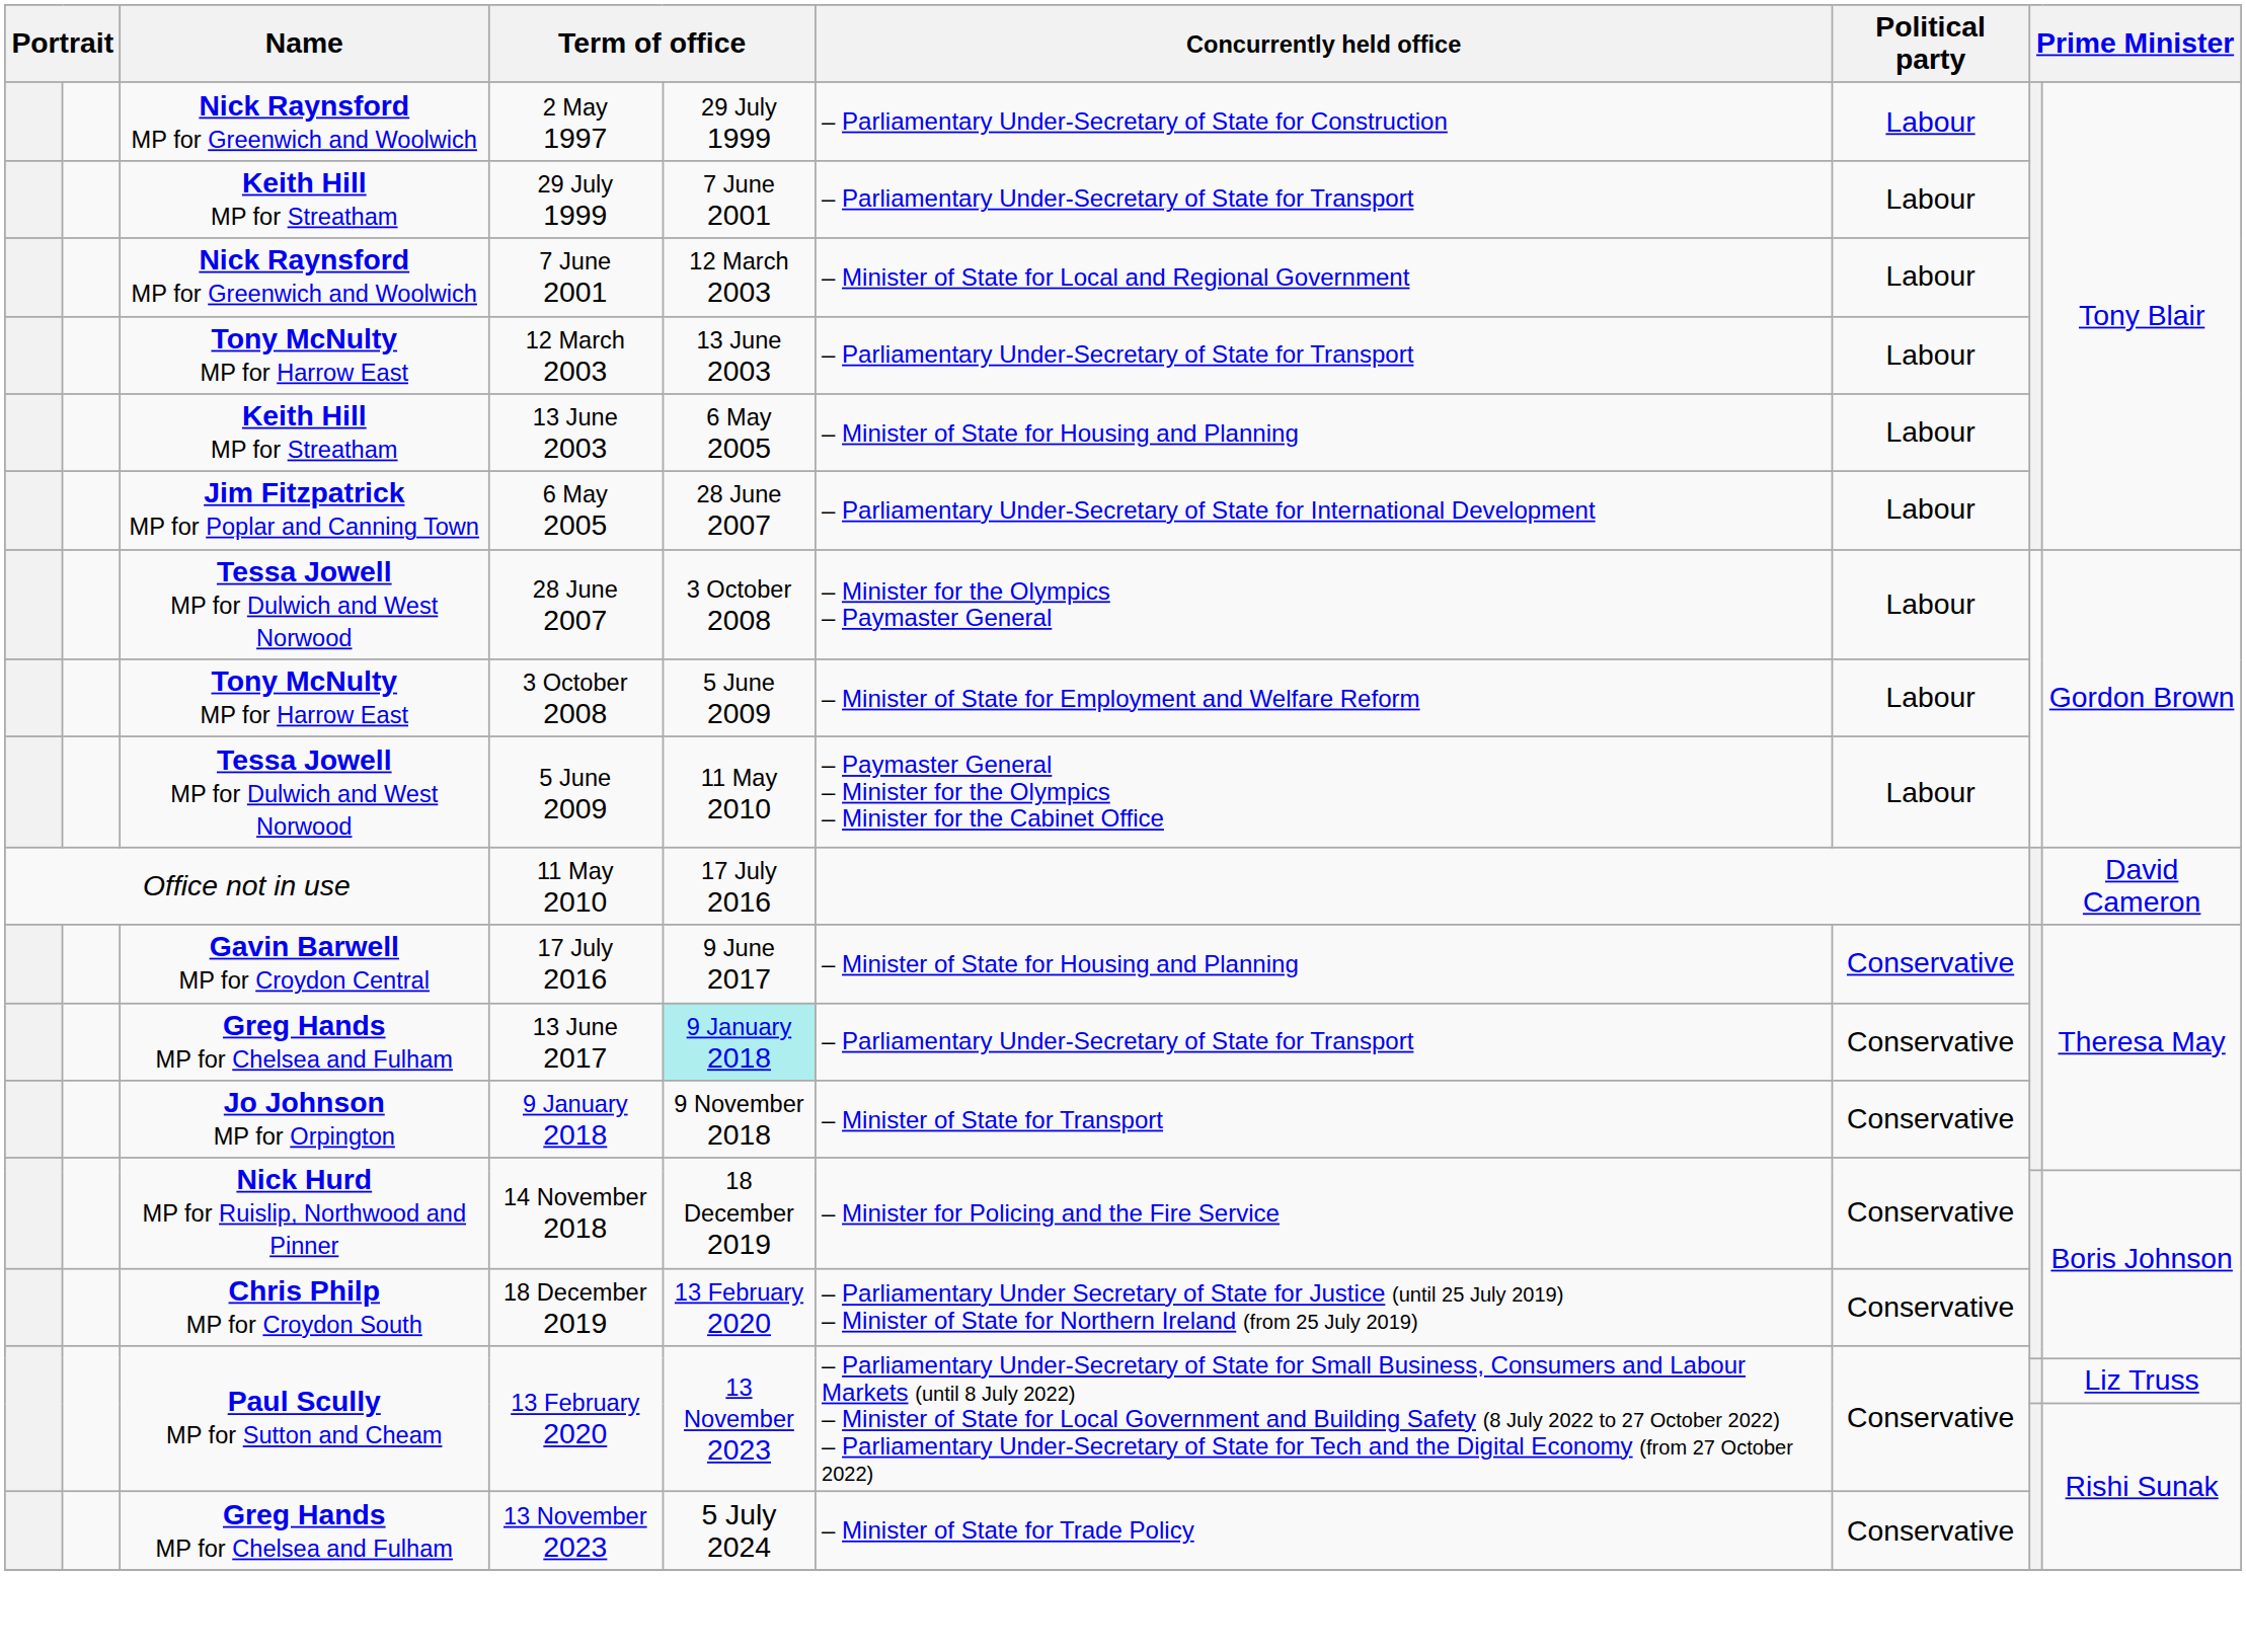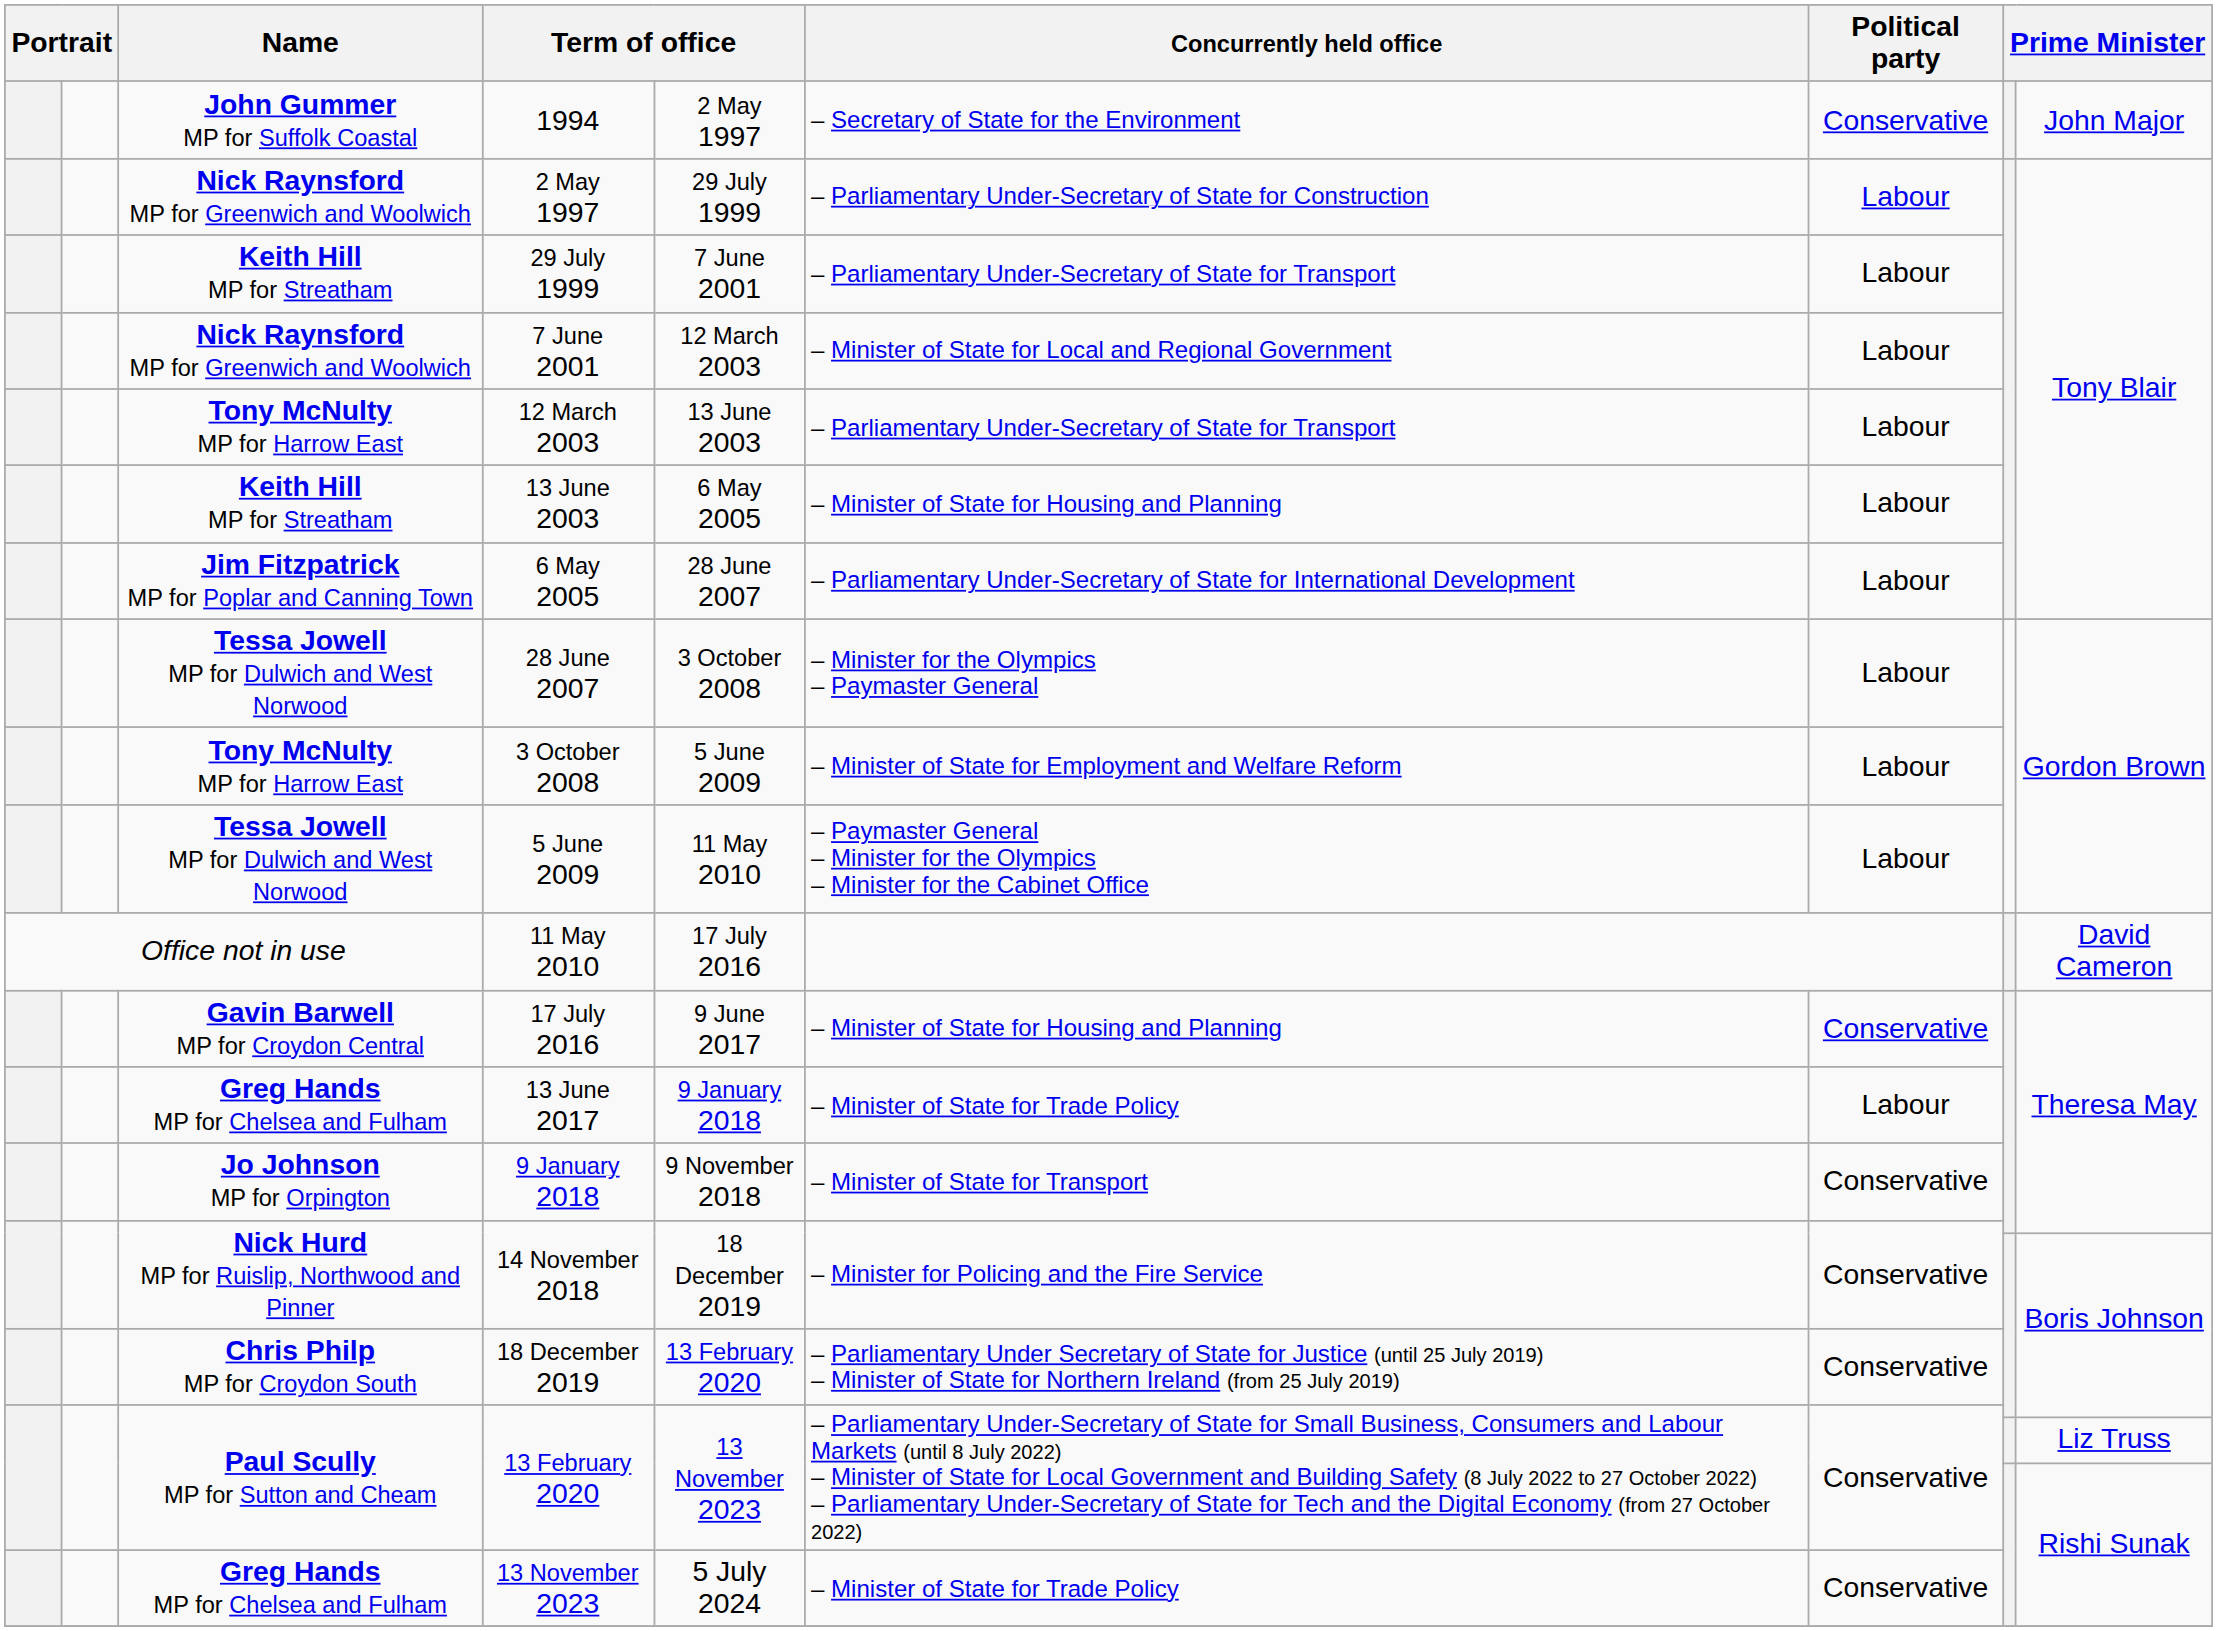 <table class="wikitable" style="text-align:Center;">
 <tr>
 <th colspan=2>Portrait</th>
 <th>Name</th>
 <th colspan=2>Term of office</th>
 <th><small>Concurrently held office</small></th>
 <th>Political party</th>
 <th colspan=2><a href='#'>Prime Minister</a></th>
+</tr>
+<tr>
+<th style="background-color: "></th>
+<td></td>
+<td><strong><a href='#'>John Gummer</a></strong><br><small>MP for <a href='#'>Suffolk Coastal</a></small></td>
+<td>1994</td>
+<td><small>2 May</small><br>1997</td>
+<td style="text-align:left; font-size:85%;">– <a href='#'>Secretary of State for the Environment</a></td>
+<td><a href='#'>Conservative</a></td>
+<th style="background-color: "></th>
+<td><a href='#'>John Major</a></td>
 </tr>
 <tr>
 <th style="background-color: "></th>
 <td></td>
 <td><strong><a href='#'>Nick Raynsford</a></strong><br><small>MP for <a href='#'>Greenwich and Woolwich</a></small></td>
 <td><small>2 May</small><br>1997</td>
 <td><small>29 July</small><br>1999</td>
 <td style="text-align:left; font-size:85%;">– <a href='#'>Parliamentary Under-Secretary of State for Construction</a></td>
 <td><a href='#'>Labour</a></td>
 <th rowspan=6 style="background-color: "></th>
 <td rowspan=6><a href='#'>Tony Blair</a></td>
 </tr>
 <tr>
 <th style="background-color: "></th>
 <td></td>
 <td><a href='#'><strong>Keith Hill</strong></a><br><small>MP for <a href='#'>Streatham</a></small></td>
 <td><small>29 July</small><br>1999</td>
 <td><small>7 June</small><br>2001</td>
 <td style="text-align:left; font-size:85%;">– <a href='#'>Parliamentary Under-Secretary of State for Transport</a></td>
 <td>Labour</td>
 </tr>
 <tr>
 <th style="background-color: "></th>
 <td></td>
 <td><strong><a href='#'>Nick Raynsford</a></strong><br><small>MP for <a href='#'>Greenwich and Woolwich</a></small></td>
 <td><small>7 June</small><br>2001</td>
 <td><small>12 March</small><br>2003</td>
 <td style="text-align:left; font-size:85%;">– <a href='#'>Minister of State for Local and Regional Government</a></td>
 <td>Labour</td>
 </tr>
 <tr>
 <th style="background-color: "></th>
 <td></td>
 <td><strong><a href='#'>Tony McNulty</a></strong><br><small>MP for <a href='#'>Harrow East</a></small></td>
 <td><small>12 March</small> 2003</td>
 <td><small>13 June</small><br>2003<br></td>
 <td style="text-align:left; font-size:85%;">– <a href='#'>Parliamentary Under-Secretary of State for Transport</a></td>
 <td>Labour</td>
 </tr>
 <tr>
 <th style="background-color: "></th>
 <td></td>
 <td><a href='#'><strong>Keith Hill</strong></a><br><small>MP for <a href='#'>Streatham</a></small></td>
 <td><small>13 June</small><br>2003</td>
 <td><small>6 May</small><br>2005<br></td>
 <td style="text-align:left; font-size:85%;">– <a href='#'>Minister of State for Housing and Planning</a></td>
 <td>Labour</td>
 </tr>
 <tr>
 <th style="background-color: "></th>
 <td></td>
 <td><a href='#'><strong>Jim Fitzpatrick</strong></a><br><small>MP for <a href='#'>Poplar and Canning Town</a></small></td>
 <td><small>6 May</small><br>2005</td>
 <td><small>28 June</small><br>2007</td>
 <td style="text-align:left; font-size:85%;">– <a href='#'>Parliamentary Under-Secretary of State for International Development</a></td>
 <td>Labour</td>
 </tr>
 <tr>
 <th style="background-color: "></th>
 <td></td>
 <td><strong><a href='#'>Tessa Jowell</a></strong><br><small>MP for <a href='#'>Dulwich and West Norwood</a></small></td>
 <td><small>28 June</small><br>2007</td>
 <td><small>3 October</small><br>2008</td>
 <td style="text-align:left; font-size:85%;">– <a href='#'>Minister for the Olympics</a><br>– <a href='#'>Paymaster General</a></td>
 <td>Labour</td>
 <td rowspan=3 style="background-color: "></td>
 <td rowspan=3><a href='#'>Gordon Brown</a></td>
 </tr>
 <tr>
 <th style="background-color: "></th>
 <td></td>
 <td><strong><a href='#'>Tony McNulty</a></strong><br><small>MP for <a href='#'>Harrow East</a></small></td>
 <td><small>3 October</small><br>2008</td>
 <td><small>5 June</small><br>2009</td>
 <td style="text-align:left; font-size:85%;">– <a href='#'>Minister of State for Employment and Welfare Reform</a></td>
 <td>Labour</td>
 </tr>
 <tr>
 <th style="background-color: "></th>
 <td></td>
 <td><strong><a href='#'>Tessa Jowell</a></strong><br><small>MP for <a href='#'>Dulwich and West Norwood</a></small></td>
 <td><small>5 June</small><br>2009</td>
 <td><small>11 May</small><br>2010</td>
 <td style="text-align:left; font-size:85%;">– <a href='#'>Paymaster General</a><br>– <a href='#'>Minister for the Olympics</a><br>– <a href='#'>Minister for the Cabinet Office</a></td>
 <td>Labour</td>
 </tr>
 <tr>
 <td colspan=3><em>Office not in use</em></td>
 <td><small>11 May</small><br>2010</td>
 <td><small>17 July</small><br>2016</td>
 <td colspan=2></td>
 <th style="background-color: "></th>
 <td><a href='#'>David Cameron</a> </td>
 </tr>
 <tr>
 <th style="background-color: "></th>
 <td></td>
 <td><strong><a href='#'>Gavin Barwell</a></strong><br><small>MP for <a href='#'>Croydon Central</a></small></td>
 <td><small>17 July</small><br>2016</td>
 <td><small>9 June</small><br>2017</td>
 <td style="text-align:left; font-size:85%;">– <a href='#'>Minister of State for Housing and Planning</a></td>
 <td><a href='#'>Conservative</a></td>
 <th rowspan=4 style="background-color: "></th>
 <td rowspan=3 style="border-style: none ;"><a href='#'>Theresa May</a></td>
 </tr>
 <tr>
 <th style="background-color: "></th>
 <td></td>
 <td><strong><a href='#'>Greg Hands</a></strong><br><small>MP for <a href='#'>Chelsea and Fulham</a></small></td>
 <td><small>13 June</small><br>2017</td>
-<td style="background: paleturquoise;"><a href='#'><small>9 January</small><br>2018</a></td>
-<td style="text-align:left; font-size:85%;">– <a href='#'>Parliamentary Under-Secretary of State for Transport</a></td>
-<td>Conservative</td>
+<td><a href='#'><small>9 January</small><br>2018</a></td>
+<td style="text-align:left; font-size:85%;">– <a href='#'>Minister of State for Trade Policy</a></td>
+<td>Labour</td>
 </tr>
 <tr>
 <th style="background-color: "></th>
 <td></td>
 <td><strong><a href='#'>Jo Johnson</a></strong><br><small>MP for <a href='#'>Orpington</a></small></td>
 <td><a href='#'><small>9 January</small><br>2018</a></td>
 <td><small>9 November</small><br>2018</td>
 <td style="text-align:left; font-size:85%;">– <a href='#'>Minister of State for Transport</a></td>
 <td>Conservative</td>
 </tr>
 <tr>
 <th rowspan=2 style="background-color: "></th>
 <td rowspan=2></td>
 <td rowspan=2><strong><a href='#'>Nick Hurd</a></strong><br><small>MP for <a href='#'>Ruislip, Northwood and Pinner</a></small></td>
 <td rowspan=2><small>14 November</small><br>2018</td>
 <td rowspan=2><small>18 December</small><br>2019</td>
 <td rowspan=2 style="text-align:left; font-size:85%;">– <a href='#'>Minister for Policing and the Fire Service</a></td>
 <td rowspan=2>Conservative</td>
 <td style="border-style: none solid solid solid ;"></td>
 </tr>
 <tr>
 <th rowspan=3 style="background-color: "></th>
 <td rowspan=2 style="border-style: none ;"><a href='#'>Boris Johnson</a></td>
 </tr>
 <tr>
 <th style="background-color: "></th>
 <td></td>
 <td><strong><a href='#'>Chris Philp</a></strong><br><small>MP for <a href='#'>Croydon South</a></small></td>
 <td><small>18 December</small><br>2019</td>
 <td><a href='#'><small>13 February</small><br>2020</a></td>
 <td style="text-align:left; font-size:85%;">– <a href='#'>Parliamentary Under Secretary of State for Justice</a> <small>(until 25 July 2019)</small><br> – <a href='#'>Minister of State for Northern Ireland</a> <small>(from 25 July 2019)</small></td>
 <td>Conservative</td>
 </tr>
 <tr>
 <th rowspan=3 style="background-color: "></th>
 <td rowspan=3></td>
 <td rowspan=3><strong><a href='#'>Paul Scully</a></strong><br><small>MP for <a href='#'>Sutton and Cheam</a></small></td>
 <td rowspan=3><a href='#'><small>13 February </small><br>2020</a></td>
 <td rowspan=3><a href='#'><small>13 November</small><br>2023</a></td>
 <td rowspan=3 style="text-align:left; font-size:85%;">– <a href='#'>Parliamentary Under-Secretary of State for Small Business, Consumers and Labour Markets</a> <small>(until 8 July 2022)</small><br> – <a href='#'>Minister of State for Local Government and Building Safety</a> <small>(8 July 2022 to 27 October 2022)</small><br>– <a href='#'>Parliamentary Under-Secretary of State for Tech and the Digital Economy</a> <small>(from 27 October 2022)</small></td>
 <td rowspan=3>Conservative</td>
 <td style="border-style: none  ;"></td>
 </tr>
 <tr>
 <th style="background-color: "></th>
 <td><a href='#'>Liz Truss</a></td>
 </tr>
 <tr>
 <th rowspan=2 style="background-color: "></th>
 <td rowspan=2><a href='#'>Rishi Sunak</a></td>
 </tr>
 <tr>
 <th style="background-color: "></th>
 <td></td>
 <td><strong><a href='#'>Greg Hands</a></strong><br><small>MP for <a href='#'>Chelsea and Fulham</a></small></td>
 <td><a href='#'><small>13 November</small><br>2023</a></td>
 <td>5 July 2024</td>
 <td style="text-align:left; font-size:85%;">– <a href='#'>Minister of State for Trade Policy</a></td>
 <td>Conservative</td>
 </tr>
 <tr>
 </tr>
 </table>
